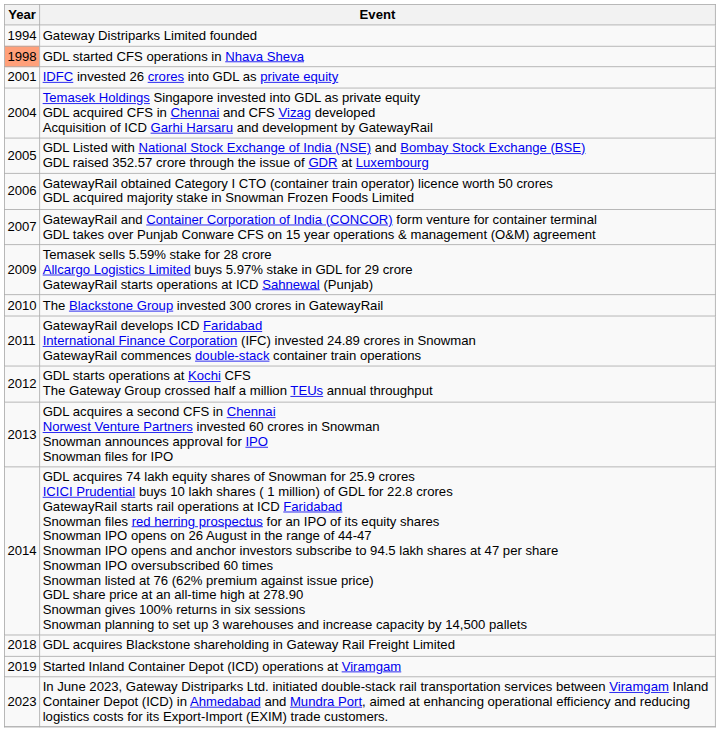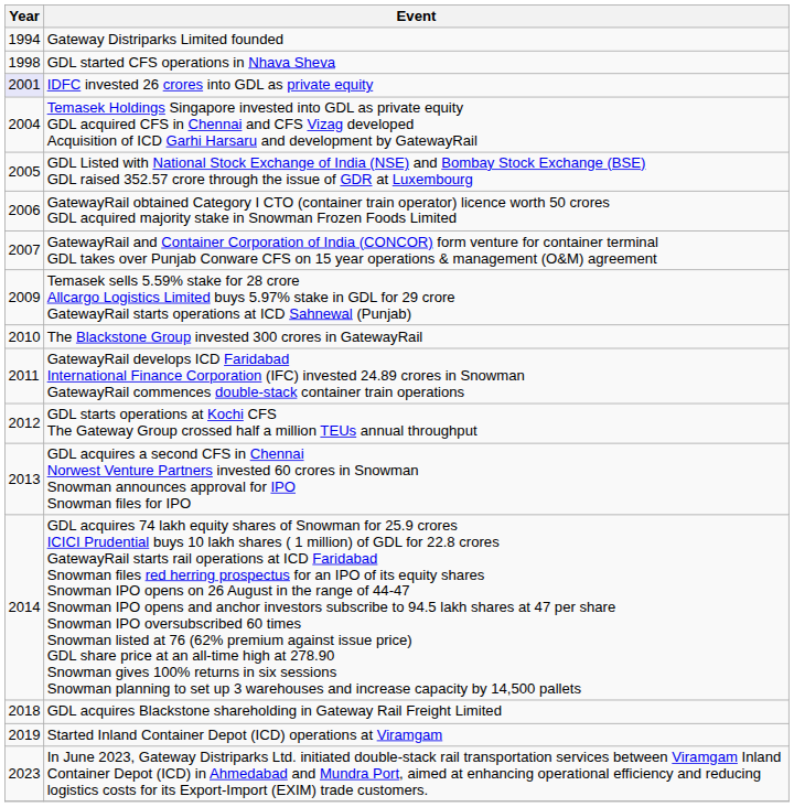 <table class="wikitable">
 <tr>
 <th>Year</th>
 <th>Event</th>
 </tr>
 <tr>
 <td>1994</td>
 <td>Gateway Distriparks Limited founded</td>
 </tr>
 <tr>
-<td style="background: lightsalmon;">1998</td>
+<td>1998</td>
 <td>GDL started CFS operations in <a href='#'>Nhava Sheva</a></td>
 </tr>
 <tr>
-<td>2001</td>
+<td style="background: lavender;">2001</td>
 <td><a href='#'>IDFC</a> invested 26 <a href='#'>crores</a> into GDL as <a href='#'>private equity</a></td>
 </tr>
 <tr>
 <td>2004</td>
 <td><a href='#'>Temasek Holdings</a> Singapore invested into GDL as private equity<br>GDL acquired CFS in <a href='#'>Chennai</a> and CFS <a href='#'>Vizag</a> developed<br>Acquisition of ICD <a href='#'>Garhi Harsaru</a> and development by GatewayRail</td>
 </tr>
 <tr>
 <td>2005</td>
 <td>GDL Listed with <a href='#'>National Stock Exchange of India (NSE)</a> and <a href='#'>Bombay Stock Exchange (BSE)</a><br>GDL raised 352.57 crore through the issue of <a href='#'>GDR</a> at <a href='#'>Luxembourg</a></td>
 </tr>
 <tr>
 <td>2006</td>
 <td>GatewayRail obtained Category I CTO (container train operator) licence worth 50 crores<br>GDL acquired majority stake in Snowman Frozen Foods Limited</td>
 </tr>
 <tr>
 <td>2007</td>
 <td>GatewayRail and <a href='#'>Container Corporation of India (CONCOR)</a> form venture for container terminal<br>GDL takes over Punjab Conware CFS on 15 year operations & management (O&M) agreement</td>
 </tr>
 <tr>
 <td>2009</td>
 <td>Temasek sells 5.59% stake for 28 crore<br><a href='#'>Allcargo Logistics Limited</a> buys 5.97% stake in GDL for 29 crore<br>GatewayRail starts operations at ICD <a href='#'>Sahnewal</a> (Punjab)</td>
 </tr>
 <tr>
 <td>2010</td>
 <td>The <a href='#'>Blackstone Group</a> invested 300 crores in GatewayRail</td>
 </tr>
 <tr>
 <td>2011</td>
 <td>GatewayRail develops ICD <a href='#'>Faridabad</a><br><a href='#'>International Finance Corporation</a> (IFC) invested 24.89 crores in Snowman<br>GatewayRail commences <a href='#'>double-stack</a> container train operations</td>
 </tr>
 <tr>
 <td>2012</td>
 <td>GDL starts operations at <a href='#'>Kochi</a> CFS<br>The Gateway Group crossed half a million <a href='#'>TEUs</a> annual throughput</td>
 </tr>
 <tr>
 <td>2013</td>
 <td>GDL acquires a second CFS in <a href='#'>Chennai</a><br><a href='#'>Norwest Venture Partners</a> invested 60 crores in Snowman<br>Snowman announces approval for <a href='#'>IPO</a><br>Snowman files for IPO</td>
 </tr>
 <tr>
 <td>2014</td>
 <td>GDL acquires 74 lakh equity shares of Snowman for  25.9 crores<br><a href='#'>ICICI Prudential</a> buys 10 lakh shares ( 1 million) of GDL for  22.8 crores<br>GatewayRail starts rail operations at ICD <a href='#'>Faridabad</a><br>Snowman files <a href='#'>red herring prospectus</a> for an IPO of its equity shares<br>Snowman IPO opens on 26 August in the range of 44-47<br>Snowman IPO opens and anchor investors subscribe to 94.5 lakh shares at 47 per share<br>Snowman IPO oversubscribed 60 times<br>Snowman listed at 76 (62% premium against issue price)<br>GDL share price at an all-time high at 278.90<br>Snowman gives 100% returns in six sessions<br>Snowman planning to set up 3 warehouses and increase capacity by 14,500 pallets</td>
 </tr>
 <tr>
 <td>2018</td>
 <td>GDL acquires Blackstone shareholding in Gateway Rail Freight Limited </td>
 </tr>
 <tr>
 <td>2019</td>
 <td>Started Inland Container Depot (ICD) operations at <a href='#'>Viramgam</a></td>
 </tr>
 <tr>
 <td>2023</td>
 <td>In June 2023, Gateway Distriparks Ltd. initiated double-stack rail transportation services between <a href='#'>Viramgam</a> Inland Container Depot (ICD) in <a href='#'>Ahmedabad</a> and <a href='#'>Mundra Port</a>, aimed at enhancing operational efficiency and reducing logistics costs for its Export-Import (EXIM) trade customers.</td>
 </tr>
 <tr>
 </tr>
 </table>
